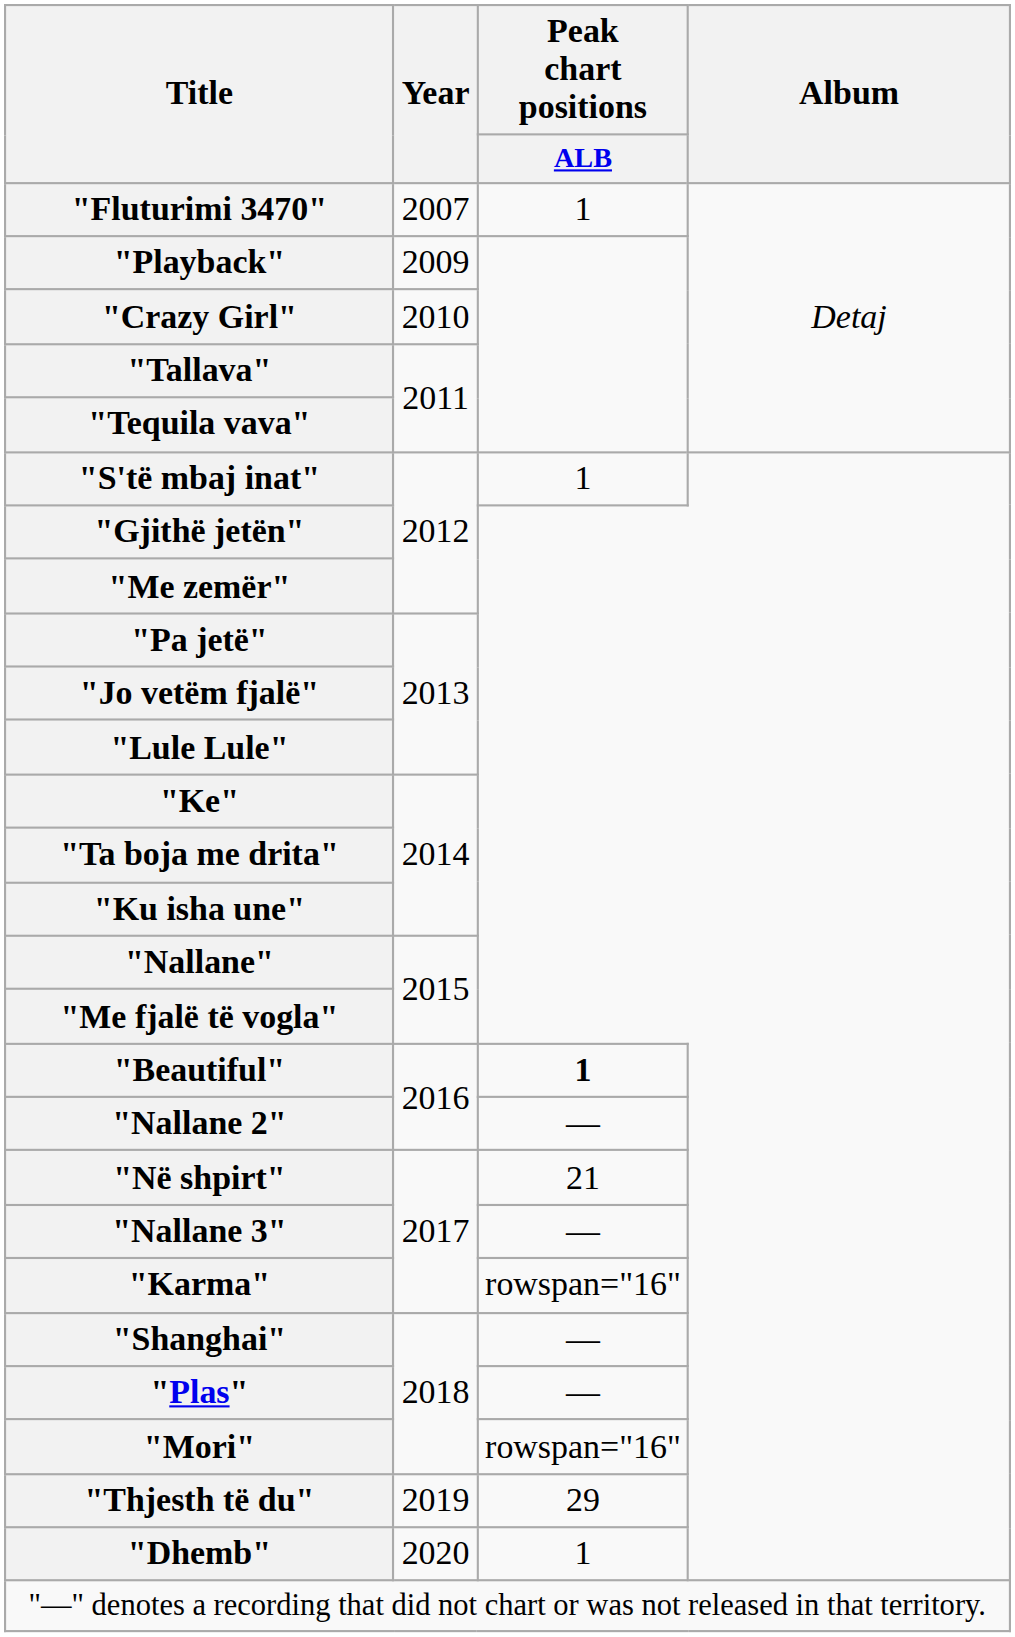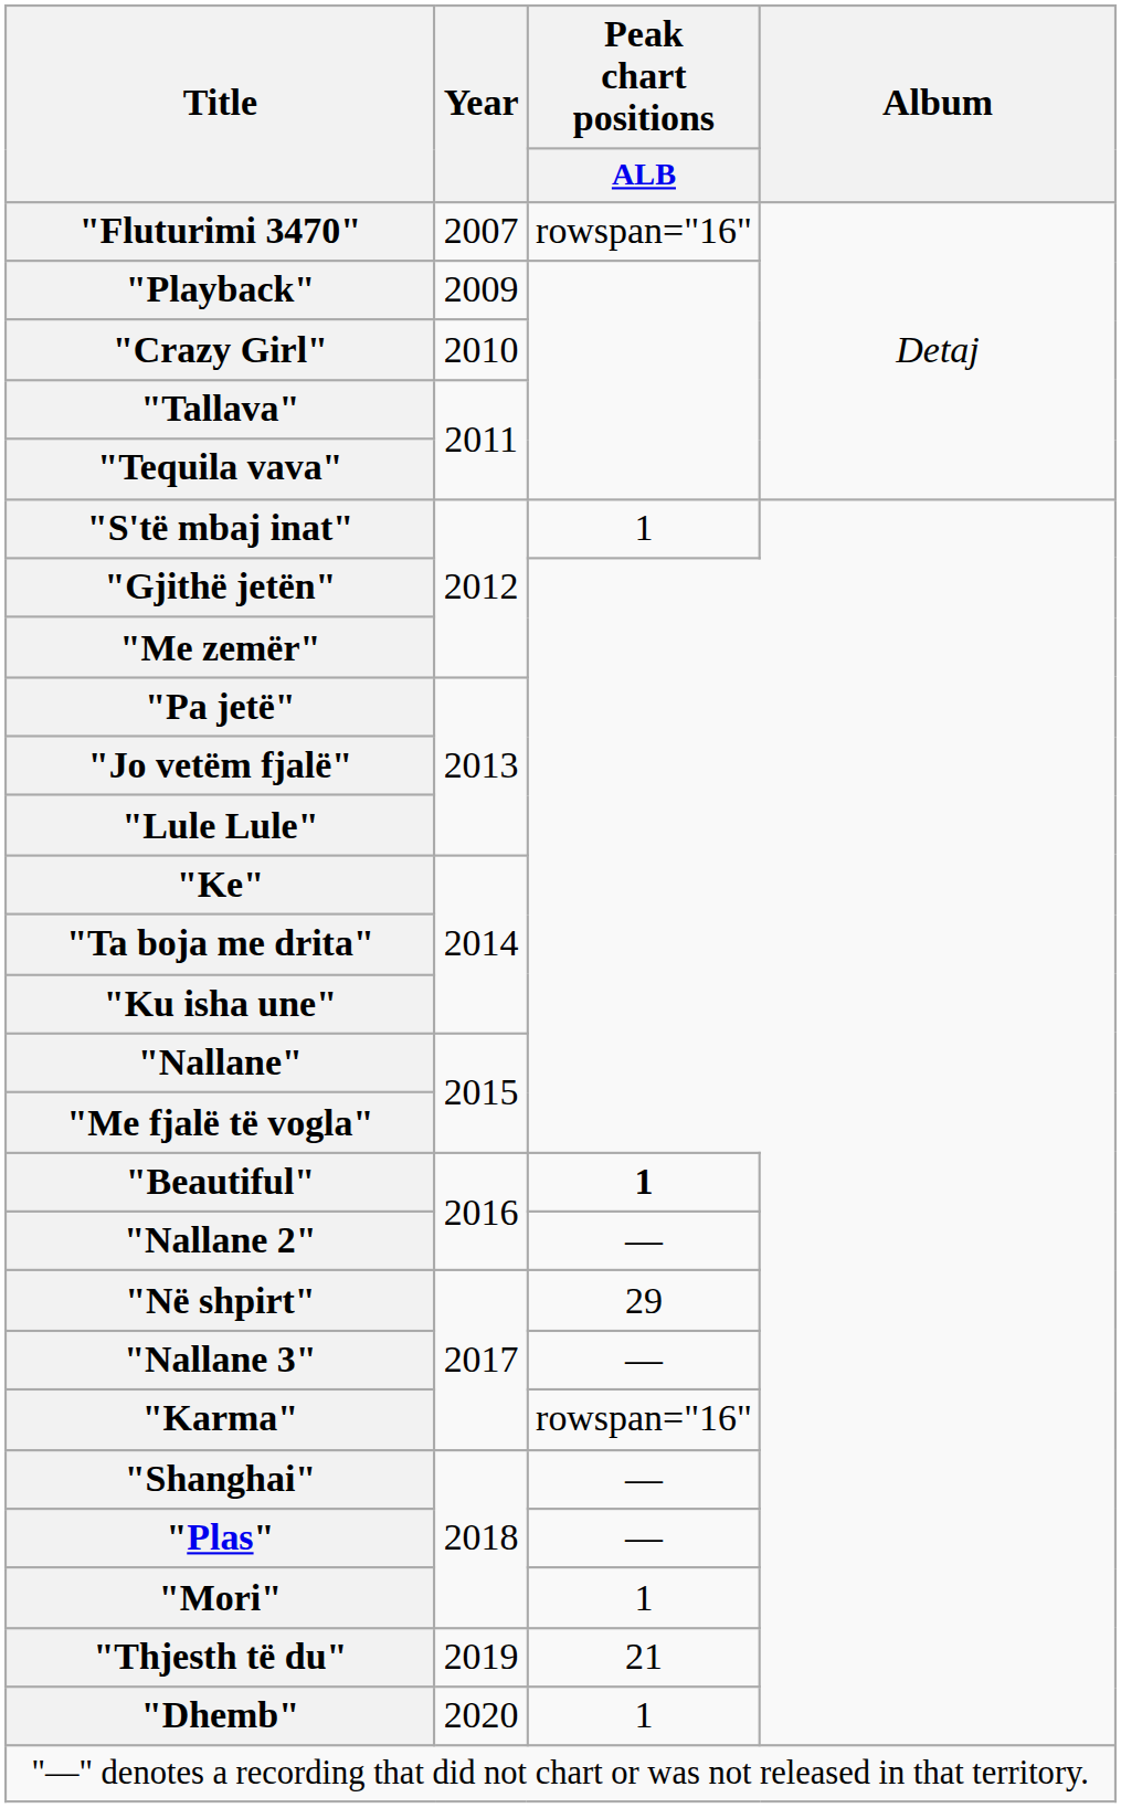 <table class="wikitable plainrowheaders" style="text-align:center;">
 <tr>
 <th scope="col" rowspan="2" style="width:11em;">Title</th>
 <th scope="col" rowspan="2" style="width:2em;">Year</th>
 <th scope="col" colspan="1">Peak<br>chart<br>positions</th>
 <th scope="col" rowspan="2" style="width:9em;">Album</th>
 </tr>
 <tr>
 <th style="width:40px; font-size:smaller;"><a href='#'>ALB</a><br></th>
 </tr>
 <tr>
 <th scope="row">"Fluturimi 3470"<br></th>
 <td>2007</td>
-<td>1</td>
+<td>rowspan="16" </td>
 <td rowspan="5"><em>Detaj</em></td>
 </tr>
 <tr>
 <th scope="row">"Playback"</th>
 <td>2009</td>
 </tr>
 <tr>
 <th scope="row">"Crazy Girl"<br></th>
 <td>2010</td>
 </tr>
 <tr>
 <th scope="row">"Tallava"</th>
 <td rowspan="2">2011</td>
 </tr>
 <tr>
 <th scope="row">"Tequila vava"<br></th>
 </tr>
 <tr>
 <th scope="row">"S'të mbaj inat"<br></th>
 <td rowspan="3">2012</td>
 <td>1</td>
 </tr>
 <tr>
 <th scope="row">"Gjithë jetën"<br></th>
 </tr>
 <tr>
 <th scope="row">"Me zemër"</th>
 </tr>
 <tr>
 <th scope="row">"Pa jetë"</th>
 <td rowspan="3">2013</td>
 </tr>
 <tr>
 <th scope="row">"Jo vetëm fjalë"<br></th>
 </tr>
 <tr>
 <th scope="row">"Lule Lule"<br></th>
 </tr>
 <tr>
 <th scope="row">"Ke"</th>
 <td rowspan="3">2014</td>
 </tr>
 <tr>
 <th scope="row">"Ta boja me drita"</th>
 </tr>
 <tr>
 <th scope="row">"Ku isha une"<br></th>
 </tr>
 <tr>
 <th scope="row">"Nallane"<br></th>
 <td rowspan="2">2015</td>
 </tr>
 <tr>
 <th scope="row">"Me fjalë të vogla"</th>
 </tr>
 <tr>
 <th scope="row">"Beautiful"<br></th>
 <td rowspan="2">2016</td>
 <td><strong>1</strong></td>
 </tr>
 <tr>
 <th scope="row">"Nallane 2"<br></th>
 <td>—</td>
 </tr>
 <tr>
 <th scope="row">"Në shpirt"<br></th>
 <td rowspan="3">2017</td>
-<td>21</td>
+<td>29</td>
 </tr>
 <tr>
 <th scope="row">"Nallane 3"<br></th>
 <td>—</td>
 </tr>
 <tr>
 <th scope="row">"Karma"<br></th>
 <td>rowspan="16" </td>
 </tr>
 <tr>
 <th scope="row">"Shanghai"<br></th>
 <td rowspan="3">2018</td>
 <td>—</td>
 </tr>
 <tr>
 <th scope="row">"<a href='#'>Plas</a>"</th>
 <td>—</td>
 </tr>
 <tr>
 <th scope="row">"Mori"<br></th>
-<td>rowspan="16" </td>
+<td>1</td>
 </tr>
 <tr>
 <th scope="row">"Thjesth të du"</th>
 <td>2019</td>
-<td>29</td>
+<td>21</td>
 </tr>
 <tr>
 <th scope="row">"Dhemb"</th>
 <td>2020</td>
 <td>1</td>
 </tr>
 <tr>
 <td colspan="11" style="font-size:90%">"—" denotes a recording that did not chart or was not released in that territory.</td>
 </tr>
 </table>
